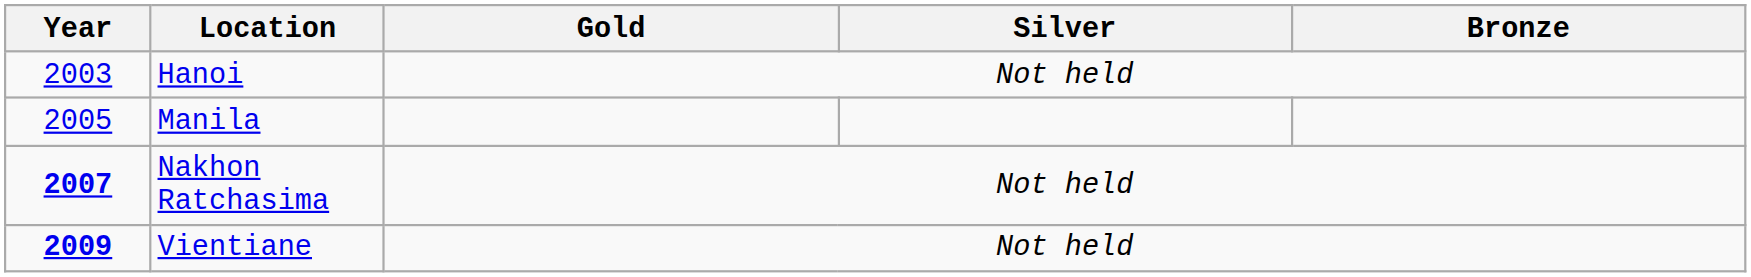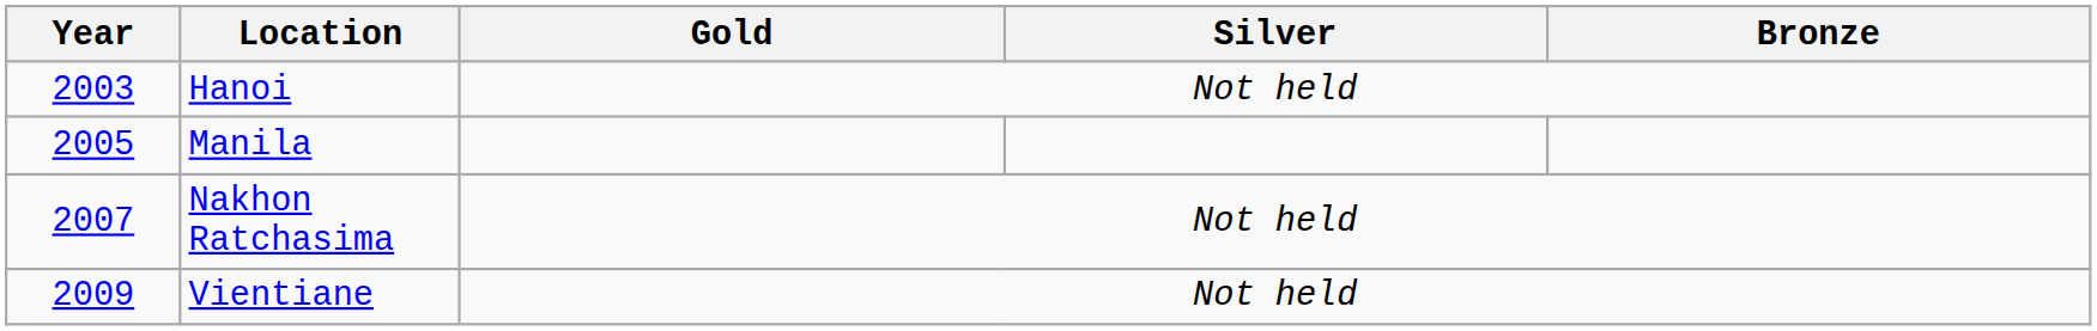 <table class="wikitable">
 <tr>
 <th width="60">Year</th>
 <th width="100">Location</th>
 <th width="200">Gold</th>
 <th width="200">Silver</th>
 <th width="200">Bronze</th>
 </tr>
 <tr>
 <td align="center"><a href='#'>2003</a></td>
 <td><a href='#'>Hanoi</a></td>
 <td colspan=3 align=center><em>Not held</em></td>
 </tr>
 <tr>
 <td align="center"><a href='#'>2005</a></td>
 <td><a href='#'>Manila</a></td>
 <td></td>
 <td></td>
 <td></td>
 </tr>
 <tr>
-<td align="center"><strong><a href='#'>2007</a></strong></td>
+<td align="center"><a href='#'>2007</a></td>
 <td><a href='#'>Nakhon Ratchasima</a></td>
 <td colspan=3 align=center><em>Not held</em></td>
 </tr>
 <tr>
-<td align="center"><strong><a href='#'>2009</a></strong></td>
+<td align="center"><a href='#'>2009</a></td>
 <td><a href='#'>Vientiane</a></td>
 <td colspan=3 align=center><em>Not held</em></td>
 </tr>
 </table>
